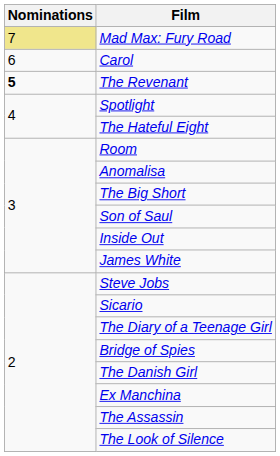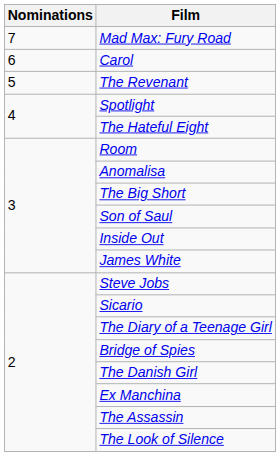 <table class="wikitable">
 <tr>
 <th>Nominations</th>
 <th>Film</th>
 </tr>
 <tr>
-<td style="background: khaki;">7</td>
+<td>7</td>
 <td><em><a href='#'>Mad Max: Fury Road</a></em></td>
 </tr>
 <tr>
 <td>6</td>
 <td><em><a href='#'>Carol</a></em></td>
 </tr>
 <tr>
-<td><strong>5</strong></td>
+<td>5</td>
 <td><em><a href='#'>The Revenant</a></em></td>
 </tr>
 <tr>
 <td rowspan="2">4</td>
 <td><em><a href='#'>Spotlight</a></em></td>
 </tr>
 <tr>
 <td><em><a href='#'>The Hateful Eight</a></em></td>
 </tr>
 <tr>
 <td rowspan="6">3</td>
 <td><em><a href='#'>Room</a></em></td>
 </tr>
 <tr>
 <td><em><a href='#'>Anomalisa</a></em></td>
 </tr>
 <tr>
 <td><em><a href='#'>The Big Short</a></em></td>
 </tr>
 <tr>
 <td><em><a href='#'>Son of Saul</a></em></td>
 </tr>
 <tr>
 <td><em><a href='#'>Inside Out</a></em></td>
 </tr>
 <tr>
 <td><em><a href='#'>James White</a></em></td>
 </tr>
 <tr>
 <td rowspan="8">2</td>
 <td><em><a href='#'>Steve Jobs</a></em></td>
 </tr>
 <tr>
 <td><em><a href='#'>Sicario</a></em></td>
 </tr>
 <tr>
 <td><em><a href='#'>The Diary of a Teenage Girl</a></em></td>
 </tr>
 <tr>
 <td><em><a href='#'>Bridge of Spies</a></em></td>
 </tr>
 <tr>
 <td><em><a href='#'>The Danish Girl</a></em></td>
 </tr>
 <tr>
 <td><em><a href='#'>Ex Manchina</a></em></td>
 </tr>
 <tr>
 <td><em><a href='#'>The Assassin</a></em></td>
 </tr>
 <tr>
 <td><em><a href='#'>The Look of Silence</a></em></td>
 </tr>
 </table>
